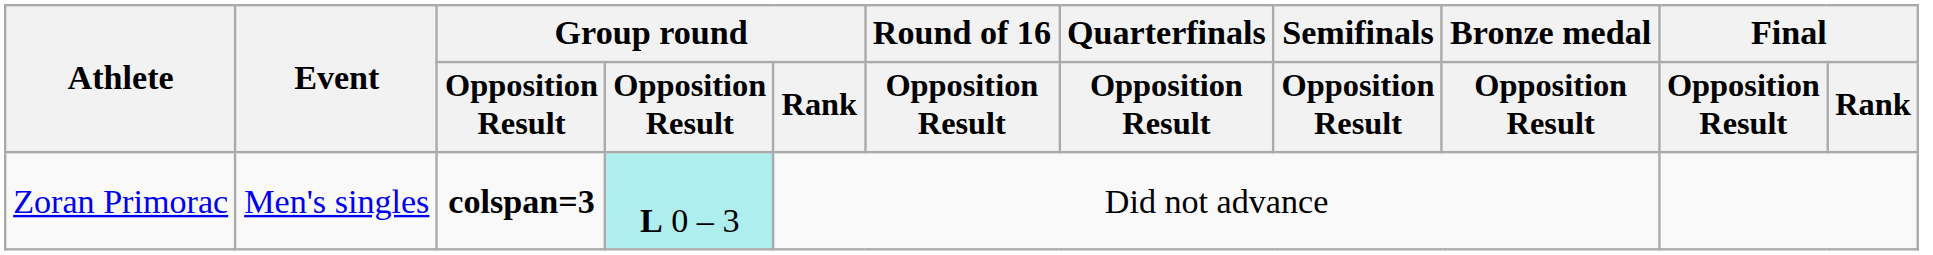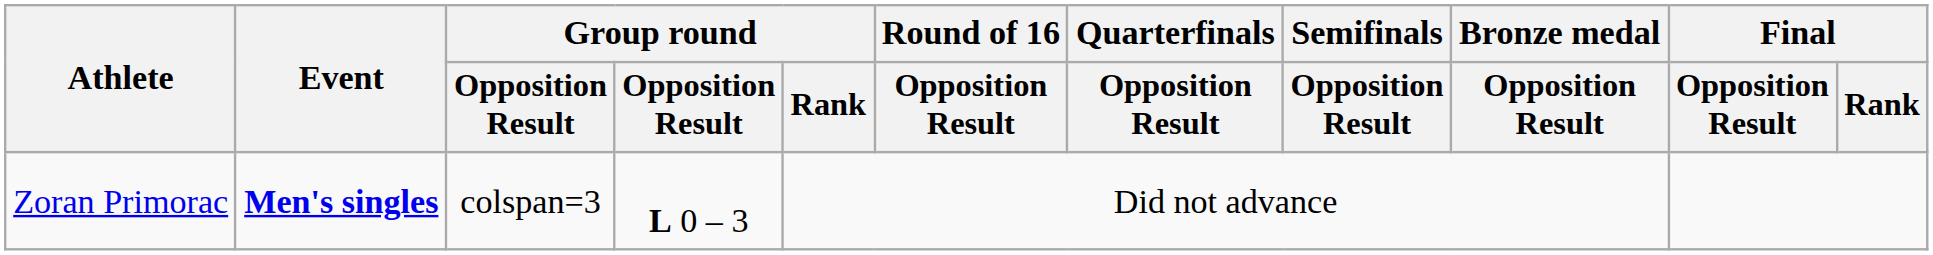 <table class="wikitable" style="font-size:90%;">
 <tr>
 <th rowspan="2">Athlete</th>
 <th rowspan="2">Event</th>
 <th colspan="3">Group round</th>
 <th>Round of 16</th>
 <th>Quarterfinals</th>
 <th>Semifinals</th>
 <th>Bronze medal</th>
 <th colspan=2>Final</th>
 </tr>
 <tr style="font-size:95%">
 <th>Opposition<br>Result</th>
 <th>Opposition<br>Result</th>
 <th>Rank</th>
 <th>Opposition<br>Result</th>
 <th>Opposition<br>Result</th>
 <th>Opposition<br>Result</th>
 <th>Opposition<br>Result</th>
 <th>Opposition<br>Result</th>
 <th>Rank</th>
 </tr>
 <tr align=center>
 <td><a href='#'>Zoran Primorac</a></td>
-<td><a href='#'>Men's singles</a></td>
-<td><strong>colspan=3 </strong></td>
-<td align=center style="background: paleturquoise;"><br><strong>L</strong> 0 – 3</td>
+<td><strong><a href='#'>Men's singles</a></strong></td>
+<td>colspan=3 </td>
+<td align=center><br><strong>L</strong> 0 – 3</td>
 <td colspan=5>Did not advance</td>
 </tr>
 </table>
